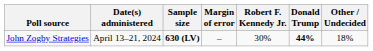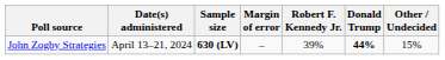 <table class="wikitable sortable mw-datatable" style="font-size:90%;text-align:center;line-height:17px">
 <tr valign=bottom>
 <th>Poll source</th>
 <th>Date(s)<br>administered</th>
 <th>Sample<br>size</th>
 <th>Margin<br>of error</th>
 <th class="unsortable">Robert F.<br>Kennedy Jr.<br></th>
 <th class="unsortable">Donald<br>Trump<br></th>
 <th class="unsortable">Other /<br>Undecided</th>
 </tr>
 <tr>
 <td style="text-align:left;"><a href='#'>John Zogby Strategies</a></td>
 <td data-sort-value="2024-05-01">April 13–21, 2024</td>
 <td><strong>630 (LV)</strong></td>
 <td>–</td>
-<td>30%</td>
+<td>39%</td>
 <td style="background-color:"><strong>44%</strong></td>
-<td>18%</td>
+<td>15%</td>
 </tr>
 </table>
